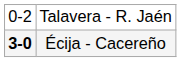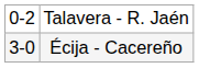 <table class="wikitable">
 <tr align=center bgcolor=white>
 <td>0-2</td>
 <td>Talavera - R. Jaén</td>
 </tr>
 <tr align=center bgcolor=#F5F5F5>
-<td><strong>3-0</strong></td>
+<td>3-0</td>
 <td>Écija - Cacereño</td>
 </tr>
 </table>
